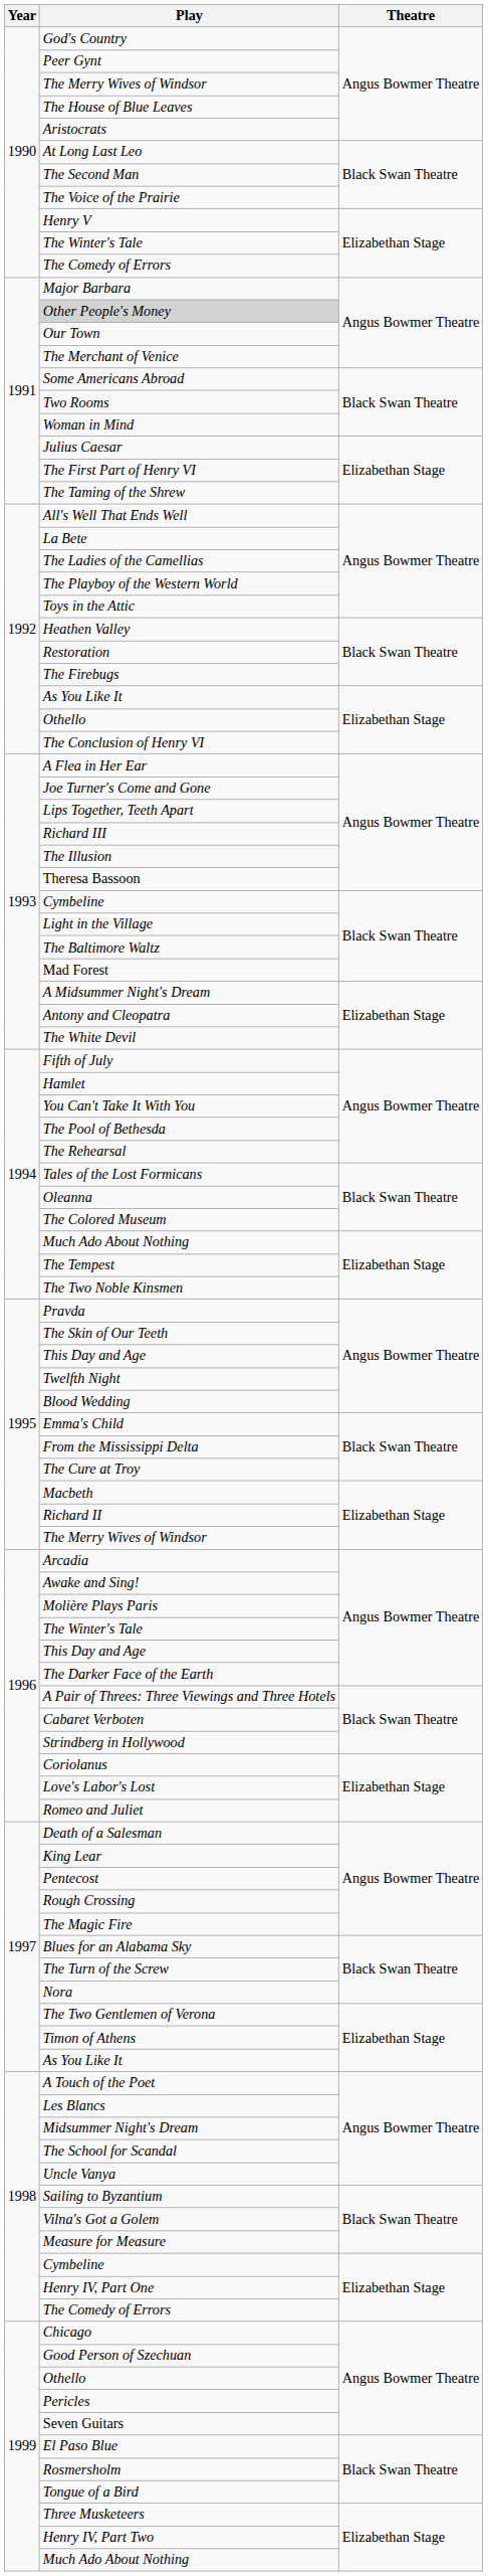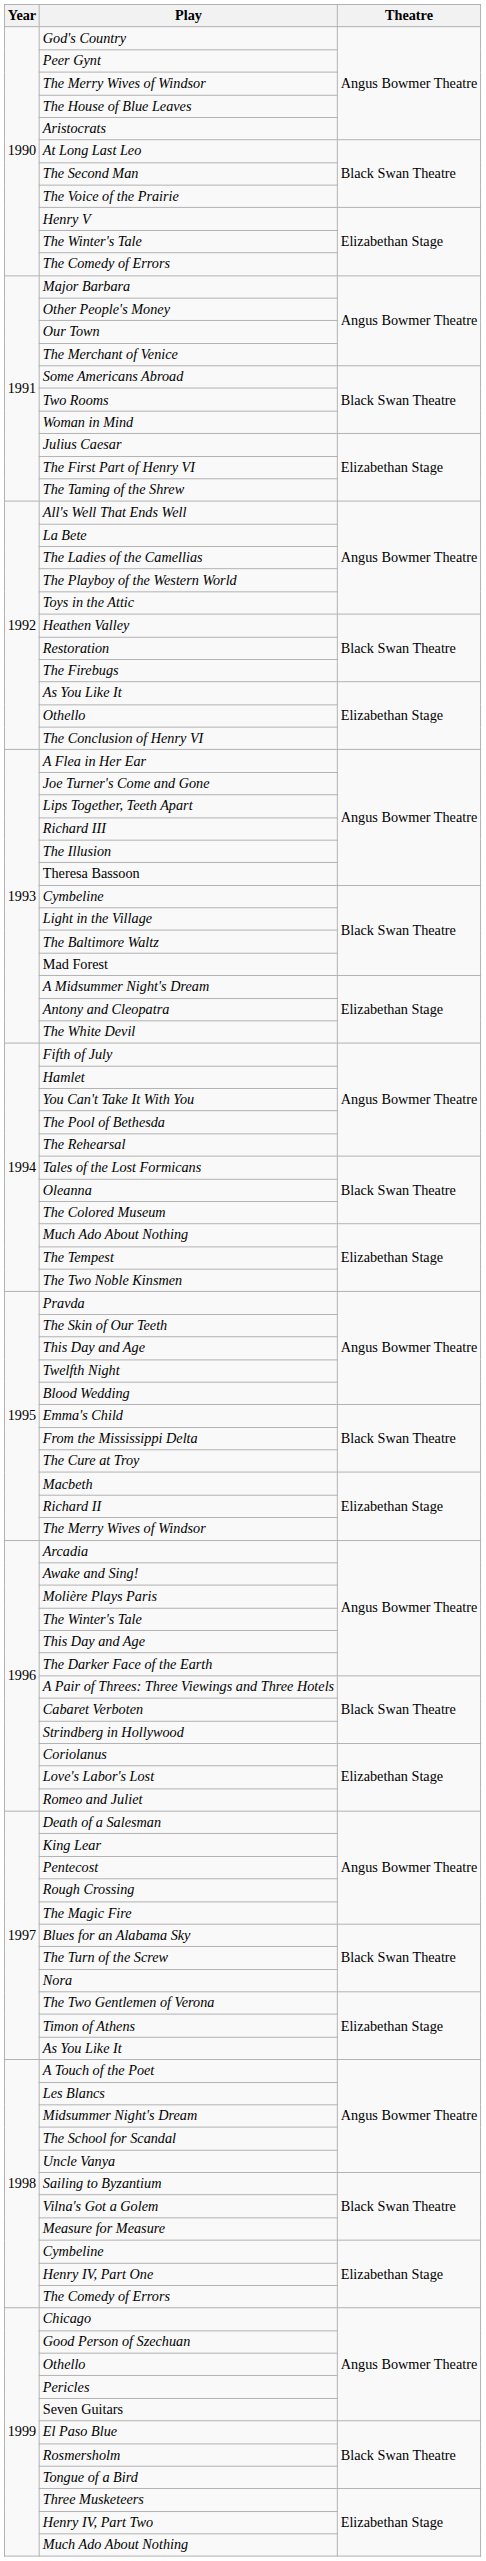 <table class="wikitable mw-collapsible">
 <tr>
 <th>Year</th>
 <th>Play</th>
 <th>Theatre</th>
 </tr>
 <tr>
 <td rowspan="11">1990</td>
 <td><em>God's Country</em></td>
 <td rowspan="5">Angus Bowmer Theatre</td>
 </tr>
 <tr>
 <td><em>Peer Gynt</em></td>
 </tr>
 <tr>
 <td><em>The Merry Wives of Windsor</em></td>
 </tr>
 <tr>
 <td><em>The House of Blue Leaves</em></td>
 </tr>
 <tr>
 <td><em>Aristocrats</em></td>
 </tr>
 <tr>
 <td><em>At Long Last Leo</em></td>
 <td rowspan="3">Black Swan Theatre</td>
 </tr>
 <tr>
 <td><em>The Second Man</em></td>
 </tr>
 <tr>
 <td><em>The Voice of the Prairie</em></td>
 </tr>
 <tr>
 <td><em>Henry V</em></td>
 <td rowspan="3">Elizabethan Stage</td>
 </tr>
 <tr>
 <td><em>The Winter's Tale</em></td>
 </tr>
 <tr>
 <td><em>The Comedy of Errors</em></td>
 </tr>
 <tr>
 <td rowspan="10">1991</td>
 <td><em>Major Barbara</em></td>
 <td rowspan="4">Angus Bowmer Theatre</td>
 </tr>
 <tr>
-<td style="background: lightgrey;"><em>Other People's Money</em></td>
+<td><em>Other People's Money</em></td>
 </tr>
 <tr>
 <td><em>Our Town</em></td>
 </tr>
 <tr>
 <td><em>The Merchant of Venice</em></td>
 </tr>
 <tr>
 <td><em>Some Americans Abroad</em></td>
 <td rowspan="3">Black Swan Theatre</td>
 </tr>
 <tr>
 <td><em>Two Rooms</em></td>
 </tr>
 <tr>
 <td><em>Woman in Mind</em></td>
 </tr>
 <tr>
 <td><em>Julius Caesar</em></td>
 <td rowspan="3">Elizabethan Stage</td>
 </tr>
 <tr>
 <td><em>The First Part of Henry VI</em></td>
 </tr>
 <tr>
 <td><em>The Taming of the Shrew</em></td>
 </tr>
 <tr>
 <td rowspan="11">1992</td>
 <td><em>All's Well That Ends Well</em></td>
 <td rowspan="5">Angus Bowmer Theatre</td>
 </tr>
 <tr>
 <td><em>La Bete</em></td>
 </tr>
 <tr>
 <td><em>The Ladies of the Camellias</em></td>
 </tr>
 <tr>
 <td><em>The Playboy of the Western World</em></td>
 </tr>
 <tr>
 <td><em>Toys in the Attic</em></td>
 </tr>
 <tr>
 <td><em>Heathen Valley</em></td>
 <td rowspan="3">Black Swan Theatre</td>
 </tr>
 <tr>
 <td><em>Restoration</em></td>
 </tr>
 <tr>
 <td><em>The Firebugs</em></td>
 </tr>
 <tr>
 <td><em>As You Like It</em></td>
 <td rowspan="3">Elizabethan Stage</td>
 </tr>
 <tr>
 <td><em>Othello</em></td>
 </tr>
 <tr>
 <td><em>The Conclusion of Henry VI</em></td>
 </tr>
 <tr>
 <td rowspan="13">1993</td>
 <td><em>A Flea in Her Ear</em></td>
 <td rowspan="6">Angus Bowmer Theatre</td>
 </tr>
 <tr>
 <td><em>Joe Turner's Come and Gone</em></td>
 </tr>
 <tr>
 <td><em>Lips Together, Teeth Apart</em></td>
 </tr>
 <tr>
 <td><em>Richard III</em></td>
 </tr>
 <tr>
 <td><em>The Illusion</em></td>
 </tr>
 <tr>
 <td>Theresa Bassoon</td>
 </tr>
 <tr>
 <td><em>Cymbeline</em></td>
 <td rowspan="4">Black Swan Theatre</td>
 </tr>
 <tr>
 <td><em>Light in the Village</em></td>
 </tr>
 <tr>
 <td><em>The Baltimore Waltz</em></td>
 </tr>
 <tr>
 <td>Mad Forest</td>
 </tr>
 <tr>
 <td><em>A Midsummer Night's Dream</em></td>
 <td rowspan="3">Elizabethan Stage</td>
 </tr>
 <tr>
 <td><em>Antony and Cleopatra</em></td>
 </tr>
 <tr>
 <td><em>The White Devil</em></td>
 </tr>
 <tr>
 <td rowspan="11">1994</td>
 <td><em>Fifth of July</em></td>
 <td rowspan="5">Angus Bowmer Theatre</td>
 </tr>
 <tr>
 <td><em>Hamlet</em></td>
 </tr>
 <tr>
 <td><em>You Can't Take It With You</em></td>
 </tr>
 <tr>
 <td><em>The Pool of Bethesda</em></td>
 </tr>
 <tr>
 <td><em>The Rehearsal</em></td>
 </tr>
 <tr>
 <td><em>Tales of the Lost Formicans</em></td>
 <td rowspan="3">Black Swan Theatre</td>
 </tr>
 <tr>
 <td><em>Oleanna</em></td>
 </tr>
 <tr>
 <td><em>The Colored Museum</em></td>
 </tr>
 <tr>
 <td><em>Much Ado About Nothing</em></td>
 <td rowspan="3">Elizabethan Stage</td>
 </tr>
 <tr>
 <td><em>The Tempest</em></td>
 </tr>
 <tr>
 <td><em>The Two Noble Kinsmen</em></td>
 </tr>
 <tr>
 <td rowspan="11">1995</td>
 <td><em>Pravda</em></td>
 <td rowspan="5">Angus Bowmer Theatre</td>
 </tr>
 <tr>
 <td><em>The Skin of Our Teeth</em></td>
 </tr>
 <tr>
 <td><em>This Day and Age</em></td>
 </tr>
 <tr>
 <td><em>Twelfth Night</em></td>
 </tr>
 <tr>
 <td><em>Blood Wedding</em></td>
 </tr>
 <tr>
 <td><em>Emma's Child</em></td>
 <td rowspan="3">Black Swan Theatre</td>
 </tr>
 <tr>
 <td><em>From the Mississippi Delta</em></td>
 </tr>
 <tr>
 <td><em>The Cure at Troy</em></td>
 </tr>
 <tr>
 <td><em>Macbeth</em></td>
 <td rowspan="3">Elizabethan Stage</td>
 </tr>
 <tr>
 <td><em>Richard II</em></td>
 </tr>
 <tr>
 <td><em>The Merry Wives of Windsor</em></td>
 </tr>
 <tr>
 <td rowspan="12">1996</td>
 <td><em>Arcadia</em></td>
 <td rowspan="6">Angus Bowmer Theatre</td>
 </tr>
 <tr>
 <td><em>Awake and Sing!</em></td>
 </tr>
 <tr>
 <td><em>Molière Plays Paris</em></td>
 </tr>
 <tr>
 <td><em>The Winter's Tale</em></td>
 </tr>
 <tr>
 <td><em>This Day and Age</em></td>
 </tr>
 <tr>
 <td><em>The Darker Face of the Earth</em></td>
 </tr>
 <tr>
 <td><em>A Pair of Threes: Three Viewings and Three Hotels</em></td>
 <td rowspan="3">Black Swan Theatre</td>
 </tr>
 <tr>
 <td><em>Cabaret Verboten</em></td>
 </tr>
 <tr>
 <td><em>Strindberg in Hollywood</em></td>
 </tr>
 <tr>
 <td><em>Coriolanus</em></td>
 <td rowspan="3">Elizabethan Stage</td>
 </tr>
 <tr>
 <td><em>Love's Labor's Lost</em></td>
 </tr>
 <tr>
 <td><em>Romeo and Juliet</em></td>
 </tr>
 <tr>
 <td rowspan="11">1997</td>
 <td><em>Death of a Salesman</em></td>
 <td rowspan="5">Angus Bowmer Theatre</td>
 </tr>
 <tr>
 <td><em>King Lear</em></td>
 </tr>
 <tr>
 <td><em>Pentecost</em></td>
 </tr>
 <tr>
 <td><em>Rough Crossing</em></td>
 </tr>
 <tr>
 <td><em>The Magic Fire</em></td>
 </tr>
 <tr>
 <td><em>Blues for an Alabama Sky</em></td>
 <td rowspan="3">Black Swan Theatre</td>
 </tr>
 <tr>
 <td><em>The Turn of the Screw</em></td>
 </tr>
 <tr>
 <td><em>Nora</em></td>
 </tr>
 <tr>
 <td><em>The Two Gentlemen of Verona</em></td>
 <td rowspan="3">Elizabethan Stage</td>
 </tr>
 <tr>
 <td><em>Timon of Athens</em></td>
 </tr>
 <tr>
 <td><em>As You Like It</em></td>
 </tr>
 <tr>
 <td rowspan="11">1998</td>
 <td><em>A Touch of the Poet</em></td>
 <td rowspan="5">Angus Bowmer Theatre</td>
 </tr>
 <tr>
 <td><em>Les Blancs</em></td>
 </tr>
 <tr>
 <td><em>Midsummer Night's Dream</em></td>
 </tr>
 <tr>
 <td><em>The School for Scandal</em></td>
 </tr>
 <tr>
 <td><em>Uncle Vanya</em></td>
 </tr>
 <tr>
 <td><em>Sailing to Byzantium</em></td>
 <td rowspan="3">Black Swan Theatre</td>
 </tr>
 <tr>
 <td><em>Vilna's Got a Golem</em></td>
 </tr>
 <tr>
 <td><em>Measure for Measure</em></td>
 </tr>
 <tr>
 <td><em>Cymbeline</em></td>
 <td rowspan="3">Elizabethan Stage</td>
 </tr>
 <tr>
 <td><em>Henry IV, Part One</em></td>
 </tr>
 <tr>
 <td><em>The Comedy of Errors</em></td>
 </tr>
 <tr>
 <td rowspan="11">1999</td>
 <td><em>Chicago</em></td>
 <td rowspan="5">Angus Bowmer Theatre</td>
 </tr>
 <tr>
 <td><em>Good Person of Szechuan</em></td>
 </tr>
 <tr>
 <td><em>Othello</em></td>
 </tr>
 <tr>
 <td><em>Pericles</em></td>
 </tr>
 <tr>
 <td>Seven Guitars</td>
 </tr>
 <tr>
 <td><em>El Paso Blue</em></td>
 <td rowspan="3">Black Swan Theatre</td>
 </tr>
 <tr>
 <td><em>Rosmersholm</em></td>
 </tr>
 <tr>
 <td><em>Tongue of a Bird</em></td>
 </tr>
 <tr>
 <td><em>Three Musketeers</em></td>
 <td rowspan="3">Elizabethan Stage</td>
 </tr>
 <tr>
 <td><em>Henry IV, Part Two</em></td>
 </tr>
 <tr>
 <td><em>Much Ado About Nothing</em></td>
 </tr>
 </table>
